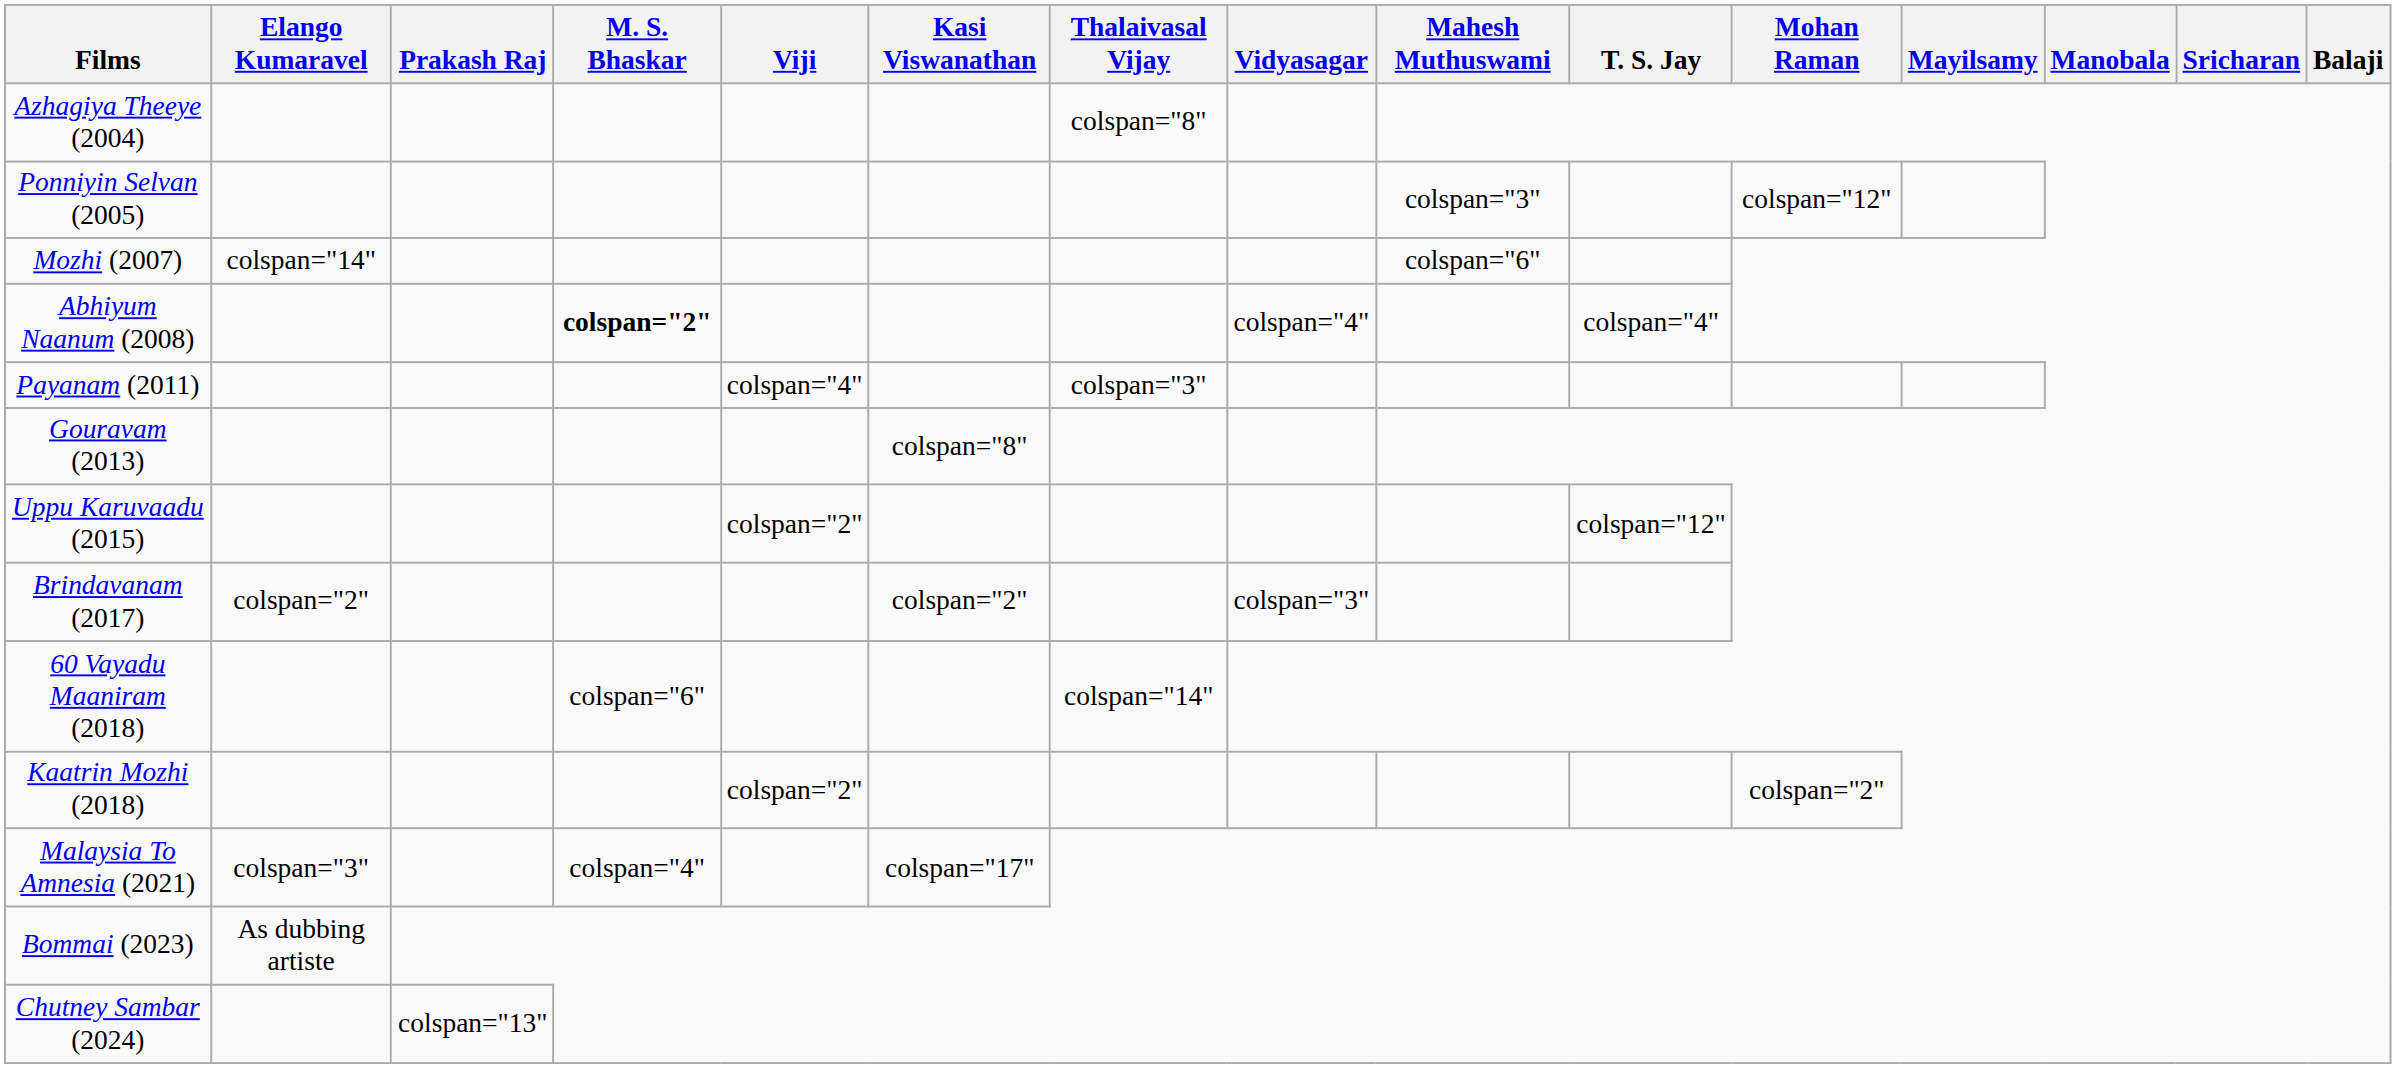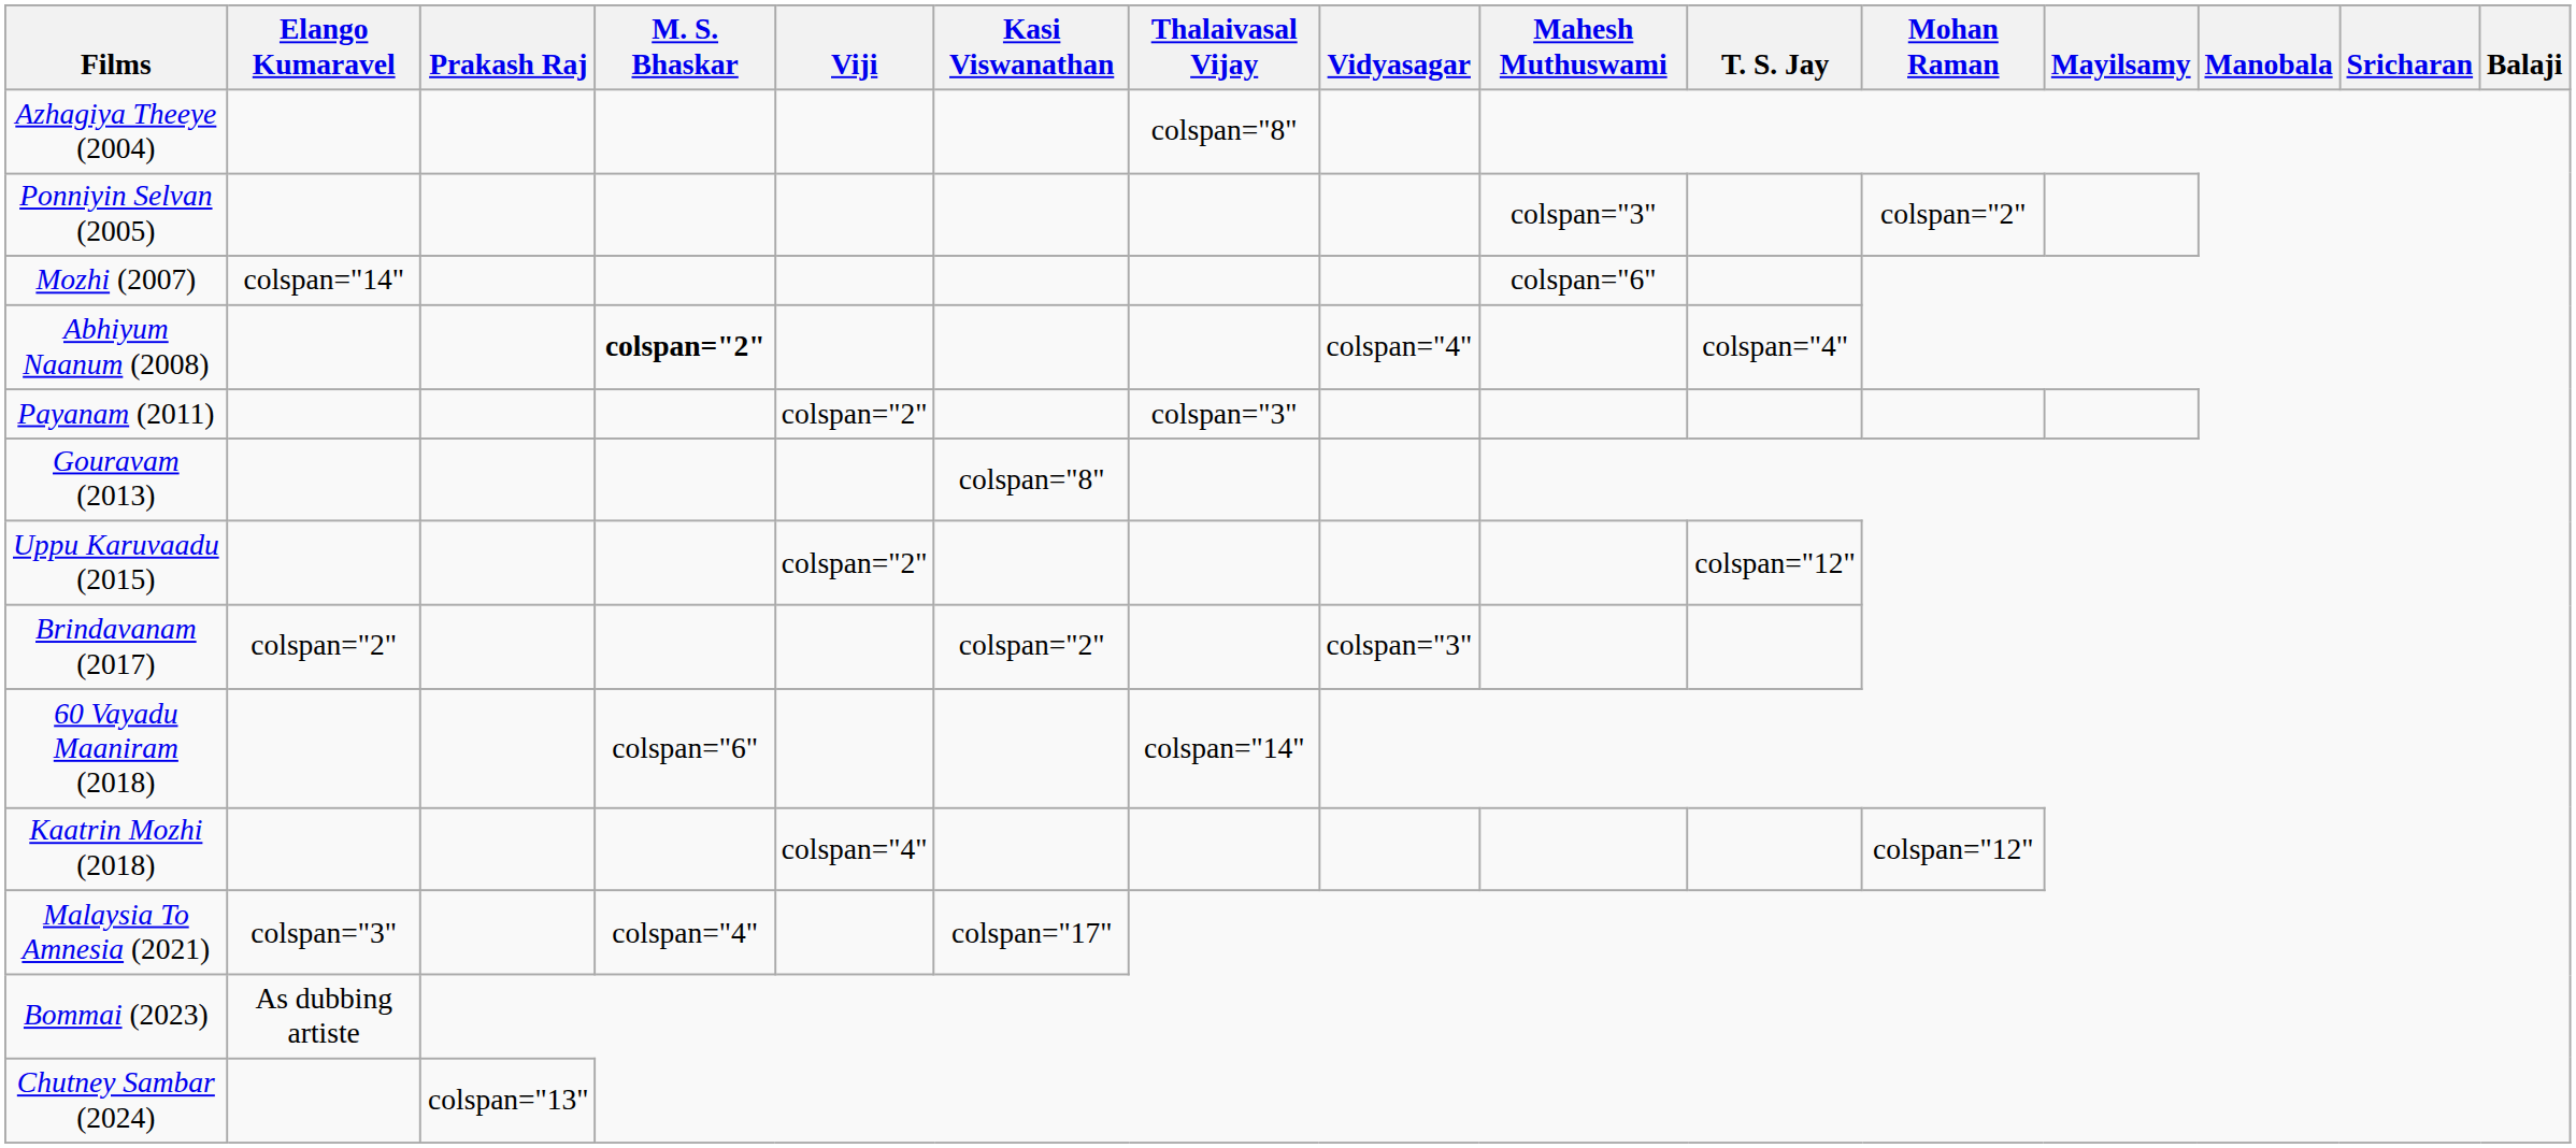 <table class="wikitable" style="text-align:center;font-size:90%;">
 <tr style="vertical-align:bottom;">
 <th>Films</th>
 <th><a href='#'>Elango Kumaravel</a></th>
 <th><a href='#'>Prakash Raj</a></th>
 <th><a href='#'>M. S. Bhaskar</a></th>
 <th><a href='#'>Viji</a></th>
 <th><a href='#'>Kasi Viswanathan</a></th>
 <th><a href='#'>Thalaivasal Vijay</a></th>
 <th><a href='#'>Vidyasagar</a></th>
 <th><a href='#'>Mahesh Muthuswami</a></th>
 <th>T. S. Jay</th>
 <th><a href='#'>Mohan Raman</a></th>
 <th><a href='#'>Mayilsamy</a></th>
 <th><a href='#'>Manobala</a></th>
 <th><a href='#'>Sricharan</a></th>
 <th>Balaji</th>
 </tr>
 <tr>
 <td><em><a href='#'>Azhagiya Theeye</a></em> (2004)</td>
 <td></td>
 <td></td>
 <td></td>
 <td></td>
 <td></td>
 <td>colspan="8" </td>
 <td></td>
 </tr>
 <tr>
 <td><em><a href='#'>Ponniyin Selvan</a></em> (2005)</td>
 <td></td>
 <td></td>
 <td></td>
 <td></td>
 <td></td>
 <td></td>
 <td></td>
 <td>colspan="3" </td>
 <td></td>
-<td>colspan="12" </td>
+<td>colspan="2" </td>
 <td></td>
 </tr>
 <tr>
 <td><em><a href='#'>Mozhi</a></em> (2007)</td>
 <td>colspan="14" </td>
 <td></td>
 <td></td>
 <td></td>
 <td></td>
 <td></td>
 <td></td>
 <td>colspan="6" </td>
 <td></td>
 </tr>
 <tr>
 <td><em><a href='#'>Abhiyum Naanum</a></em> (2008)</td>
 <td></td>
 <td></td>
 <td><strong>colspan="2" </strong></td>
 <td></td>
 <td></td>
 <td></td>
 <td>colspan="4" </td>
 <td></td>
 <td>colspan="4" </td>
 </tr>
 <tr>
 <td><em><a href='#'>Payanam</a></em> (2011)</td>
 <td></td>
 <td></td>
 <td></td>
-<td>colspan="4" </td>
+<td>colspan="2" </td>
 <td></td>
 <td>colspan="3" </td>
 <td></td>
 <td></td>
 <td></td>
 <td></td>
 <td></td>
 </tr>
 <tr>
 <td><em><a href='#'>Gouravam</a></em> (2013)</td>
 <td></td>
 <td></td>
 <td></td>
 <td></td>
 <td>colspan="8" </td>
 <td></td>
 <td></td>
 </tr>
 <tr>
 <td><em><a href='#'>Uppu Karuvaadu</a></em> (2015)</td>
 <td></td>
 <td></td>
 <td></td>
 <td>colspan="2" </td>
 <td></td>
 <td></td>
 <td></td>
 <td></td>
 <td>colspan="12" </td>
 </tr>
 <tr>
 <td><em><a href='#'>Brindavanam</a></em> (2017)</td>
 <td>colspan="2" </td>
 <td></td>
 <td></td>
 <td></td>
 <td>colspan="2" </td>
 <td></td>
 <td>colspan="3" </td>
 <td></td>
 <td></td>
 </tr>
 <tr>
 <td><em><a href='#'>60 Vayadu Maaniram</a></em> (2018)</td>
 <td></td>
 <td></td>
 <td>colspan="6" </td>
 <td></td>
 <td></td>
 <td>colspan="14" </td>
 </tr>
 <tr>
 <td><em><a href='#'>Kaatrin Mozhi</a></em> (2018)</td>
 <td></td>
 <td></td>
 <td></td>
-<td>colspan="2" </td>
+<td>colspan="4" </td>
 <td></td>
 <td></td>
 <td></td>
 <td></td>
 <td></td>
-<td>colspan="2" </td>
+<td>colspan="12" </td>
 </tr>
 <tr>
 <td><em><a href='#'>Malaysia To Amnesia</a></em> (2021)</td>
 <td>colspan="3" </td>
 <td></td>
 <td>colspan="4" </td>
 <td></td>
 <td>colspan="17" </td>
 </tr>
 <tr>
 <td><em><a href='#'>Bommai</a></em> (2023)</td>
 <td> As dubbing artiste</td>
 </tr>
 <tr>
 <td><em><a href='#'>Chutney Sambar</a></em> (2024)</td>
 <td></td>
 <td>colspan="13" </td>
 </tr>
 </table>
